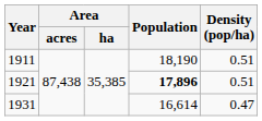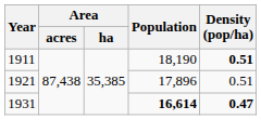 <table class="wikitable">
 <tr>
 <th rowspan="2">Year</th>
 <th colspan="2">Area</th>
 <th rowspan="2">Population<br></th>
 <th rowspan="2">Density<br>(pop/ha)</th>
 </tr>
 <tr>
 <th>acres</th>
 <th>ha</th>
 </tr>
 <tr>
 <td>1911</td>
 <td style="text-align:right;" rowspan="3">87,438</td>
 <td style="text-align:right;" rowspan="3">35,385</td>
 <td style="text-align:right;">18,190</td>
-<td style="text-align:right;">0.51</td>
+<td style="text-align:right;"><strong>0.51</strong></td>
 </tr>
 <tr>
 <td>1921</td>
-<td style="text-align:right;"><strong>17,896</strong></td>
+<td style="text-align:right;">17,896</td>
 <td style="text-align:right;">0.51</td>
 </tr>
 <tr>
 <td>1931</td>
-<td style="text-align:right;">16,614</td>
-<td style="text-align:right;">0.47</td>
+<td style="text-align:right;"><strong>16,614</strong></td>
+<td style="text-align:right;"><strong>0.47</strong></td>
 </tr>
 </table>
